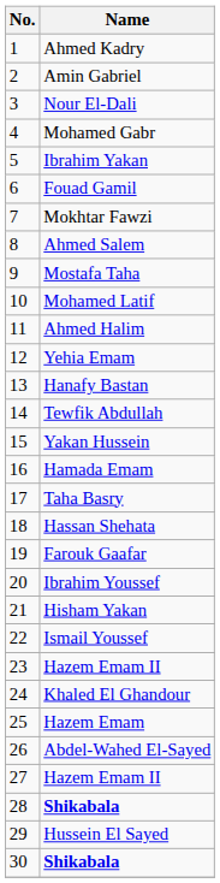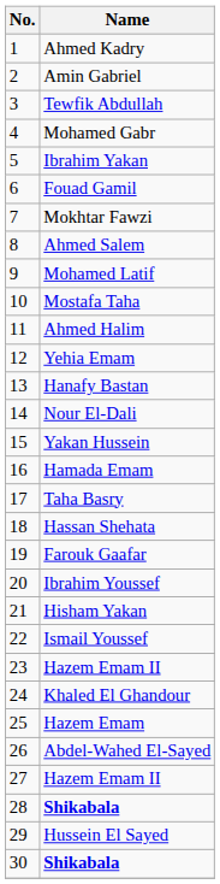 <table class="wikitable alternance" style="display:inline-table;">
 <tr>
 <th>No.</th>
 <th>Name</th>
 </tr>
 <tr>
 <td>1</td>
 <td> Ahmed Kadry</td>
 </tr>
 <tr>
 <td>2</td>
 <td> Amin Gabriel</td>
 </tr>
 <tr>
 <td>3</td>
-<td> <a href='#'>Nour El-Dali</a></td>
+<td> <a href='#'>Tewfik Abdullah</a></td>
 </tr>
 <tr>
 <td>4</td>
 <td> Mohamed Gabr</td>
 </tr>
 <tr>
 <td>5</td>
 <td> <a href='#'>Ibrahim Yakan</a></td>
 </tr>
 <tr>
 <td>6</td>
 <td> <a href='#'>Fouad Gamil</a></td>
 </tr>
 <tr>
 <td>7</td>
 <td> Mokhtar Fawzi</td>
 </tr>
 <tr>
 <td>8</td>
 <td> <a href='#'>Ahmed Salem</a></td>
 </tr>
 <tr>
 <td>9</td>
-<td> <a href='#'>Mostafa Taha</a></td>
+<td> <a href='#'>Mohamed Latif</a></td>
 </tr>
 <tr>
 <td>10</td>
-<td> <a href='#'>Mohamed Latif</a></td>
+<td> <a href='#'>Mostafa Taha</a></td>
 </tr>
 <tr>
 <td>11</td>
 <td> <a href='#'>Ahmed Halim</a></td>
 </tr>
 <tr>
 <td>12</td>
 <td> <a href='#'>Yehia Emam</a></td>
 </tr>
 <tr>
 <td>13</td>
 <td> <a href='#'>Hanafy Bastan</a></td>
 </tr>
 <tr>
 <td>14</td>
-<td> <a href='#'>Tewfik Abdullah</a></td>
+<td> <a href='#'>Nour El-Dali</a></td>
 </tr>
 <tr>
 <td>15</td>
 <td> <a href='#'>Yakan Hussein</a></td>
 </tr>
 <tr>
 <td>16</td>
 <td> <a href='#'>Hamada Emam</a></td>
 </tr>
 <tr>
 <td>17</td>
 <td> <a href='#'>Taha Basry</a></td>
 </tr>
 <tr>
 <td>18</td>
 <td> <a href='#'>Hassan Shehata</a></td>
 </tr>
 <tr>
 <td>19</td>
 <td> <a href='#'>Farouk Gaafar</a></td>
 </tr>
 <tr>
 <td>20</td>
 <td> <a href='#'>Ibrahim Youssef</a></td>
 </tr>
 <tr>
 <td>21</td>
 <td> <a href='#'>Hisham Yakan</a></td>
 </tr>
 <tr>
 <td>22</td>
 <td> <a href='#'>Ismail Youssef</a></td>
 </tr>
 <tr>
 <td>23</td>
 <td> <a href='#'>Hazem Emam II</a></td>
 </tr>
 <tr>
 <td>24</td>
 <td> <a href='#'>Khaled El Ghandour</a></td>
 </tr>
 <tr>
 <td>25</td>
 <td> <a href='#'>Hazem Emam</a></td>
 </tr>
 <tr>
 <td>26</td>
 <td> <a href='#'>Abdel-Wahed El-Sayed</a></td>
 </tr>
 <tr>
 <td>27</td>
 <td> <a href='#'>Hazem Emam II</a></td>
 </tr>
 <tr>
 <td>28</td>
 <td> <strong><a href='#'>Shikabala</a></strong></td>
 </tr>
 <tr>
 <td>29</td>
 <td> <a href='#'>Hussein El Sayed</a></td>
 </tr>
 <tr>
 <td>30</td>
 <td> <strong><a href='#'>Shikabala</a></strong></td>
 </tr>
 <tr>
 </tr>
 </table>
